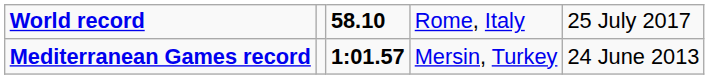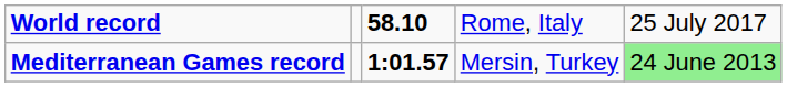 <table class="wikitable">
 <tr>
 <td><strong><a href='#'>World record</a></strong></td>
 <td></td>
 <td><strong>58.10</strong></td>
 <td><a href='#'>Rome</a>, <a href='#'>Italy</a></td>
 <td>25 July 2017</td>
 </tr>
 <tr>
 <td><strong><a href='#'>Mediterranean Games record</a></strong></td>
 <td></td>
 <td><strong>1:01.57</strong></td>
 <td><a href='#'>Mersin</a>, <a href='#'>Turkey</a></td>
-<td>24 June 2013</td>
+<td style="background: lightgreen;">24 June 2013</td>
 </tr>
 </table>
